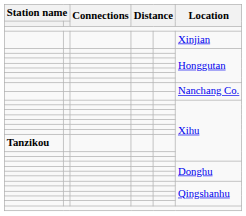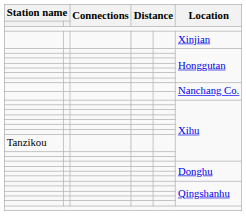 <table class="wikitable">
 <tr>
 <th colspan="2">Station name</th>
 <th rowspan="2">Connections</th>
 <th colspan="2" rowspan="2">Distance<br></th>
 <th rowspan="2">Location</th>
 </tr>
 <tr>
 <th></th>
 <th></th>
 </tr>
 <tr style="background:#">
 <td colspan="6"></td>
 </tr>
 <tr>
 <td></td>
 <td></td>
 <td></td>
 <td></td>
 <td></td>
 <td><a href='#'>Xinjian</a></td>
 </tr>
 <tr>
 <td></td>
 <td></td>
 <td></td>
 <td></td>
 <td></td>
 <td rowspan="7"><a href='#'>Honggutan</a></td>
 </tr>
 <tr>
 <td></td>
 <td></td>
 <td></td>
 <td></td>
 <td></td>
 </tr>
 <tr>
 <td></td>
 <td></td>
 <td></td>
 <td></td>
 <td></td>
 </tr>
 <tr>
 <td></td>
 <td></td>
 <td></td>
 <td></td>
 <td></td>
 </tr>
 <tr>
 <td></td>
 <td></td>
 <td></td>
 <td></td>
 <td></td>
 </tr>
 <tr>
 <td></td>
 <td></td>
 <td></td>
 <td></td>
 <td></td>
 </tr>
 <tr>
 <td></td>
 <td></td>
 <td></td>
 <td></td>
 <td></td>
 </tr>
 <tr>
 <td></td>
 <td></td>
 <td></td>
 <td></td>
 <td></td>
 <td rowspan="2"><a href='#'>Nanchang Co.</a></td>
 </tr>
 <tr>
 <td></td>
 <td></td>
 <td></td>
 <td></td>
 <td></td>
 </tr>
 <tr>
 <td></td>
 <td></td>
 <td></td>
 <td></td>
 <td></td>
 <td rowspan="10"><a href='#'>Xihu</a></td>
 </tr>
 <tr>
 <td></td>
 <td></td>
 <td></td>
 <td></td>
 <td></td>
 </tr>
 <tr>
 <td></td>
 <td></td>
 <td></td>
 <td></td>
 <td></td>
 </tr>
 <tr>
 <td></td>
 <td></td>
 <td></td>
 <td></td>
 <td></td>
 </tr>
 <tr>
 <td></td>
 <td></td>
 <td></td>
 <td></td>
 <td></td>
 </tr>
 <tr>
 <td></td>
 <td></td>
 <td></td>
 <td></td>
 <td></td>
 </tr>
 <tr>
 <td></td>
 <td></td>
 <td></td>
 <td></td>
 <td></td>
 </tr>
 <tr>
-<td><strong>Tanzikou</strong></td>
+<td>Tanzikou</td>
 <td></td>
 <td></td>
 <td></td>
 <td></td>
 </tr>
 <tr>
 <td></td>
 <td></td>
 <td></td>
 <td></td>
 <td></td>
 </tr>
 <tr>
 <td></td>
 <td></td>
 <td></td>
 <td></td>
 <td></td>
 </tr>
 <tr>
 <td></td>
 <td></td>
 <td></td>
 <td></td>
 <td></td>
 <td rowspan="4"><a href='#'>Donghu</a></td>
 </tr>
 <tr>
 <td></td>
 <td></td>
 <td></td>
 <td></td>
 <td></td>
 </tr>
 <tr>
 <td></td>
 <td></td>
 <td></td>
 <td></td>
 <td></td>
 </tr>
 <tr>
 <td></td>
 <td></td>
 <td></td>
 <td></td>
 <td></td>
 </tr>
 <tr>
 <td></td>
 <td></td>
 <td></td>
 <td></td>
 <td></td>
 <td rowspan="5"><a href='#'>Qingshanhu</a></td>
 </tr>
 <tr>
 <td></td>
 <td></td>
 <td></td>
 <td></td>
 <td></td>
 </tr>
 <tr>
 <td></td>
 <td></td>
 <td></td>
 <td></td>
 <td></td>
 </tr>
 <tr>
 <td></td>
 <td></td>
 <td></td>
 <td></td>
 <td></td>
 </tr>
 <tr>
 <td></td>
 <td></td>
 <td></td>
 <td></td>
 <td></td>
 </tr>
 <tr style="background:#">
 <td colspan="6"></td>
 </tr>
 </table>
